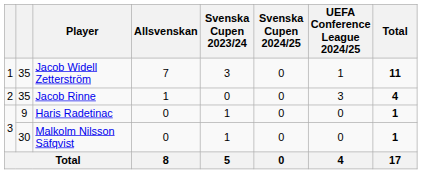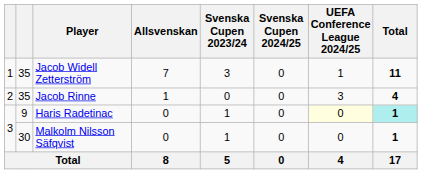 <table class="wikitable sortable" style="text-align: center;">
 <tr>
 <th width=10></th>
 <th width=10></th>
 <th width=200>Player</th>
 <th width=80>Allsvenskan</th>
 <th width=80>Svenska Cupen 2023/24</th>
 <th width=80>Svenska Cupen 2024/25</th>
 <th width=80>UEFA Conference League 2024/25</th>
 <th width=80>Total</th>
 </tr>
 <tr>
 <td>1</td>
 <td>35</td>
 <td align="left"> <a href='#'>Jacob Widell Zetterström</a></td>
 <td>7</td>
 <td>3</td>
 <td>0</td>
 <td>1</td>
 <td><strong>11</strong></td>
 </tr>
 <tr>
 <td>2</td>
 <td>35</td>
 <td align="left"> <a href='#'>Jacob Rinne</a></td>
 <td>1</td>
 <td>0</td>
 <td>0</td>
 <td>3</td>
 <td><strong>4</strong></td>
 </tr>
 <tr>
 <td rowspan="2">3</td>
 <td>9</td>
 <td align="left"> <a href='#'>Haris Radetinac</a></td>
 <td>0</td>
 <td>1</td>
 <td>0</td>
-<td>0</td>
-<td><strong>1</strong></td>
+<td style="background: lightyellow;">0</td>
+<td style="background: paleturquoise;"><strong>1</strong></td>
 </tr>
 <tr>
 <td>30</td>
 <td align="left"> <a href='#'>Malkolm Nilsson Säfqvist</a></td>
 <td>0</td>
 <td>1</td>
 <td>0</td>
 <td>0</td>
 <td><strong>1</strong></td>
 </tr>
 <tr>
 <th colspan="3">Total</th>
 <th>8</th>
 <th>5</th>
 <th>0</th>
 <th>4</th>
 <th>17</th>
 </tr>
 </table>
